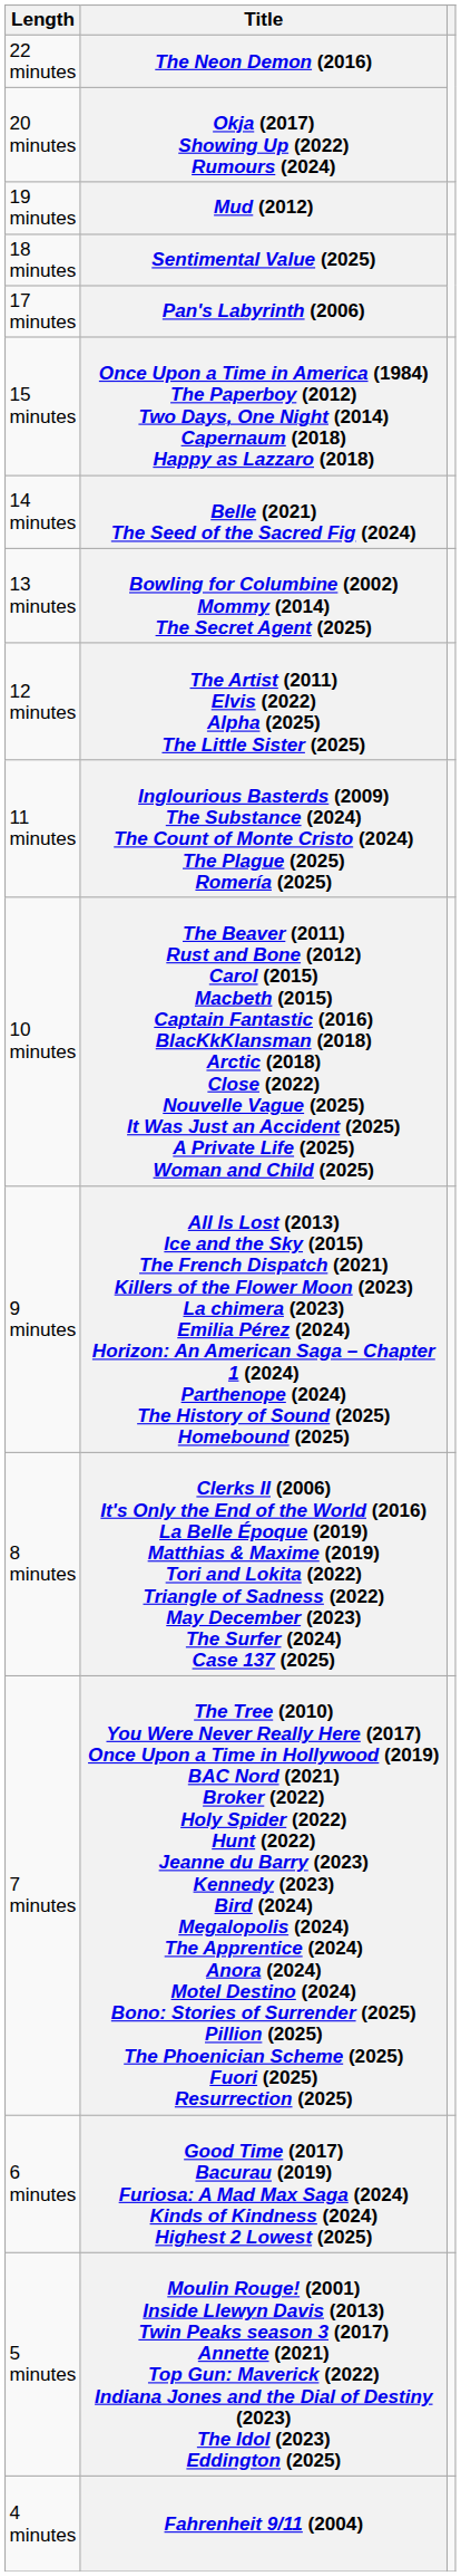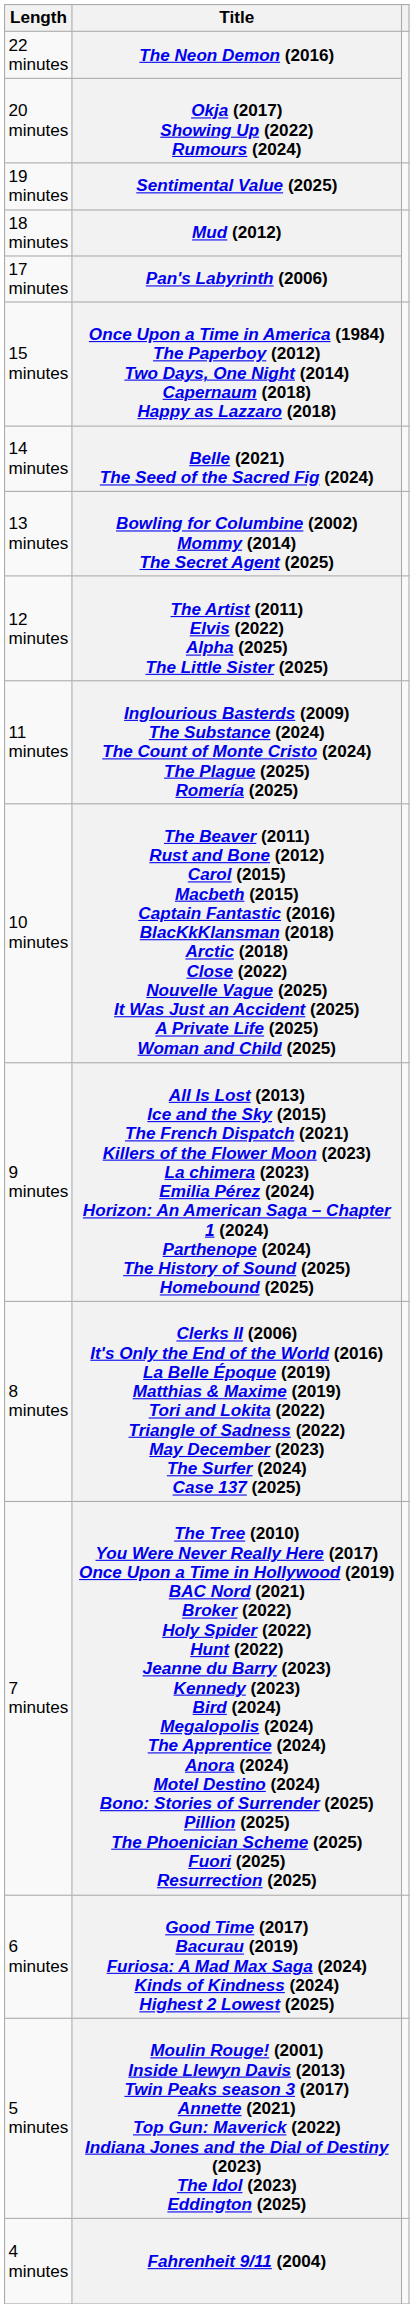 <table class="wikitable sortable plainrowheaders style="margin:auto; margin:auto;">
 <tr>
 <th style="width:0055px;">Length</th>
 <th style="width:300px;">Title</th>
 <th class="unsortable"></th>
 </tr>
 <tr>
 <td>22 minutes</td>
 <th scope="row"><em><a href='#'>The Neon Demon</a></em> (2016)</th>
 <td rowspan="2"></td>
 </tr>
 <tr>
 <td>20 minutes</td>
 <th scope="row"><br><em><a href='#'>Okja</a></em> (2017) <br> <em><a href='#'>Showing Up</a></em> (2022) <br> <em><a href='#'>Rumours</a></em> (2024) <br></th>
 </tr>
 <tr>
 <td>19 minutes</td>
-<th scope="row"><em><a href='#'>Mud</a></em> (2012)</th>
+<th scope="row"><em><a href='#'>Sentimental Value</a></em> (2025)</th>
 <td></td>
 </tr>
 <tr>
 <td>18 minutes</td>
-<th scope="row"><em><a href='#'>Sentimental Value</a></em> (2025)</th>
+<th scope="row"><em><a href='#'>Mud</a></em> (2012)</th>
 <td rowspan="2"></td>
 </tr>
 <tr>
 <td>17 minutes</td>
 <th scope="row"><em><a href='#'>Pan's Labyrinth</a></em> (2006)</th>
 </tr>
 <tr>
 <td>15 minutes</td>
 <th scope="row"><br><em><a href='#'>Once Upon a Time in America</a></em> (1984) <br>  <em><a href='#'>The Paperboy</a></em> (2012) <br>  <em><a href='#'>Two Days, One Night</a></em> (2014) <br>  <em><a href='#'>Capernaum</a></em> (2018) <br>  <em><a href='#'>Happy as Lazzaro</a></em> (2018) <br></th>
 <td><br><br><br> <br> <br> </td>
 </tr>
 <tr>
 <td>14 minutes</td>
 <th scope="row"><br><em><a href='#'>Belle</a></em> (2021) <br>  <em><a href='#'>The Seed of the Sacred Fig</a></em> (2024)</th>
 <td><br><br></td>
 </tr>
 <tr>
 <td>13 minutes</td>
 <th scope="row"><br><em><a href='#'>Bowling for Columbine</a></em> (2002) <br> <em><a href='#'>Mommy</a></em> (2014) <br> <em><a href='#'>The Secret Agent</a></em> (2025)</th>
 <td> <br><br> <br> </td>
 </tr>
 <tr>
 <td>12 minutes</td>
 <th scope="row"><br><em><a href='#'>The Artist</a></em> (2011) <br>  <em><a href='#'>Elvis</a></em> (2022) <br> <em><a href='#'>Alpha</a></em> (2025) <br> <em><a href='#'>The Little Sister</a></em> (2025) <br></th>
 <td> <br><br><br> </td>
 </tr>
 <tr>
 <td>11 minutes</td>
 <th scope="row"><br><em><a href='#'>Inglourious Basterds</a></em> (2009) <br>  <em><a href='#'>The Substance</a></em> (2024) <br>  <em><a href='#'>The Count of Monte Cristo</a></em> (2024) <br> <em><a href='#'>The Plague</a></em> (2025) <br> <em><a href='#'>Romería</a></em> (2025) <br></th>
 <td><br><br><br> <br> <br> <br></td>
 </tr>
 <tr>
 <td>10 minutes</td>
 <th scope="row"><br><em><a href='#'>The Beaver</a></em> (2011) <br>  <em><a href='#'>Rust and Bone</a></em> (2012) <br>  <em><a href='#'>Carol</a></em> (2015) <br>  <em><a href='#'>Macbeth</a></em> (2015) <br>  <em><a href='#'>Captain Fantastic</a></em> (2016) <br>  <em><a href='#'>BlacKkKlansman</a></em> (2018) <br>  <em><a href='#'>Arctic</a></em> (2018) <br>  <em><a href='#'>Close</a></em> (2022) <br>  <em><a href='#'>Nouvelle Vague</a></em> (2025) <br> <em><a href='#'>It Was Just an Accident</a></em> (2025) <br> <em><a href='#'>A Private Life</a></em> (2025) <br> <em><a href='#'>Woman and Child</a></em> (2025) <br></th>
 <td><br><br><br> <br> <br> <br>  <br>  <br>  <br> <br> <br> <br> <br></td>
 </tr>
 <tr>
 <td>9 minutes</td>
 <th scope="row"><br><em><a href='#'>All Is Lost</a></em> (2013) <br>  <em><a href='#'>Ice and the Sky</a></em> (2015)  <br>  <em><a href='#'>The French Dispatch</a></em> (2021) <br>  <em><a href='#'>Killers of the Flower Moon</a></em> (2023) <br>  <em><a href='#'>La chimera</a></em> (2023) <br>  <em><a href='#'>Emilia Pérez</a></em> (2024) <br>  <em><a href='#'>Horizon: An American Saga – Chapter 1</a></em> (2024) <br>  <em><a href='#'>Parthenope</a></em> (2024) <br> <em><a href='#'>The History of Sound</a></em> (2025) <br> <em><a href='#'>Homebound</a></em> (2025) <br></th>
 <td> <br><br><br> <br> <br> <br> <br> <br> <br> <br> </td>
 </tr>
 <tr>
 <td>8 minutes</td>
 <th scope="row"><br><em><a href='#'>Clerks II</a></em> (2006) <br> <em><a href='#'>It's Only the End of the World</a></em> (2016) <br> <em><a href='#'>La Belle Époque</a></em> (2019) <br> <em><a href='#'>Matthias & Maxime</a></em> (2019) <br> <em><a href='#'>Tori and Lokita</a></em> (2022) <br> <em><a href='#'>Triangle of Sadness</a></em> (2022) <br> <em><a href='#'>May December</a></em> (2023) <br> <em><a href='#'>The Surfer</a></em> (2024) <br> <em><a href='#'>Case 137</a></em> (2025) <br></th>
 <td><br><br><br> <br> <br> <br> <br> <br> <br> <br></td>
 </tr>
 <tr>
 <td>7 minutes</td>
 <th scope="row"><br><em><a href='#'>The Tree</a></em> (2010) <br>  <em><a href='#'>You Were Never Really Here</a></em> (2017) <br>  <em><a href='#'>Once Upon a Time in Hollywood</a></em> (2019) <br>  <em><a href='#'>BAC Nord</a></em> (2021) <br>  <em><a href='#'>Broker</a></em> (2022) <br>  <em><a href='#'>Holy Spider</a></em> (2022) <br>  <em><a href='#'>Hunt</a></em> (2022) <br>  <em><a href='#'>Jeanne du Barry</a></em> (2023) <br> <em><a href='#'>Kennedy</a></em> (2023) <br>  <em><a href='#'>Bird</a></em> (2024) <br>  <em><a href='#'>Megalopolis</a></em> (2024) <br>  <em><a href='#'>The Apprentice</a></em> (2024) <br>  <em><a href='#'>Anora</a></em> (2024) <br>  <em><a href='#'>Motel Destino</a></em> (2024) <br> <em><a href='#'>Bono: Stories of Surrender</a></em> (2025) <br> <em><a href='#'>Pillion</a></em> (2025) <br> <em><a href='#'>The Phoenician Scheme</a></em> (2025) <br> <em><a href='#'>Fuori</a></em> (2025) <br> <em><a href='#'>Resurrection</a></em> (2025) <br></th>
 <td> <br><br><br> <br> <br> <br> <br> <br> <br> <br> <br> <br>  <br> <br> <br> <br> <br> <br> <br> <br></td>
 </tr>
 <tr>
 <td>6 minutes</td>
 <th scope="row"><br><em><a href='#'>Good Time</a></em> (2017) <br>  <em><a href='#'>Bacurau</a></em> (2019) <br>  <em><a href='#'>Furiosa: A Mad Max Saga</a></em> (2024) <br>  <em><a href='#'>Kinds of Kindness</a></em> (2024) <br> <em><a href='#'>Highest 2 Lowest</a></em> (2025) <br></th>
 <td> <br><br> <br> <br> <br> </td>
 </tr>
 <tr>
 <td>5 minutes</td>
 <th scope="row"><br><em><a href='#'>Moulin Rouge!</a></em> (2001) <br>  <em><a href='#'>Inside Llewyn Davis</a></em> (2013) <br>  <em><a href='#'>Twin Peaks season 3</a></em> (2017) <br>  <em><a href='#'>Annette</a></em> (2021) <br>  <em><a href='#'>Top Gun: Maverick</a></em> (2022) <br>  <em><a href='#'>Indiana Jones and the Dial of Destiny</a></em> (2023) <br>  <em><a href='#'>The Idol</a></em> (2023) <br> <em><a href='#'>Eddington</a></em> (2025) <br></th>
 <td><br><br><br>  <br>  <br>  <br>   <br>  <br>  <br></td>
 </tr>
 <tr>
 <td>4 minutes</td>
 <th scope="row"><em><a href='#'>Fahrenheit 9/11</a></em> (2004)</th>
 <td><br><br><br> <br></td>
 </tr>
 </table>
